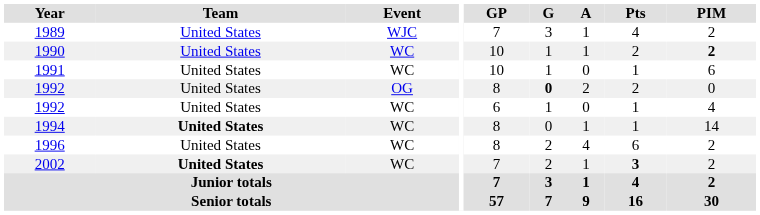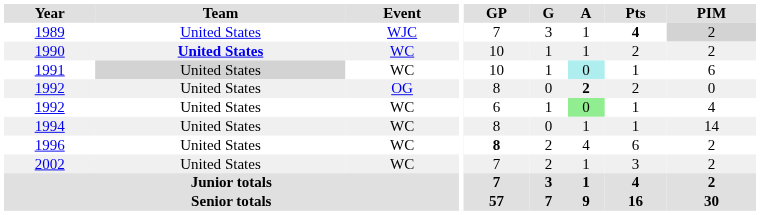 <table border="0" cellpadding="1" cellspacing="0" style="text-align:center; width:50em;">
 <tr bgcolor="#e0e0e0">
 <th>Year</th>
 <th>Team</th>
 <th>Event</th>
 <th rowspan="99" bgcolor="#ffffff"></th>
 <th>GP</th>
 <th>G</th>
 <th>A</th>
 <th>Pts</th>
 <th>PIM</th>
 </tr>
 <tr>
 <td><a href='#'>1989</a></td>
 <td><a href='#'>United States</a></td>
 <td><a href='#'>WJC</a></td>
 <td>7</td>
 <td>3</td>
 <td>1</td>
-<td>4</td>
-<td>2</td>
+<td><strong>4</strong></td>
+<td style="background: lightgrey;">2</td>
 </tr>
 <tr bgcolor="#f0f0f0">
 <td><a href='#'>1990</a></td>
-<td><a href='#'>United States</a></td>
+<td><strong><a href='#'>United States</a></strong></td>
 <td><a href='#'>WC</a></td>
 <td>10</td>
 <td>1</td>
 <td>1</td>
 <td>2</td>
-<td><strong>2</strong></td>
+<td>2</td>
 </tr>
 <tr>
 <td><a href='#'>1991</a></td>
-<td>United States</td>
+<td style="background: lightgrey;">United States</td>
 <td>WC</td>
 <td>10</td>
 <td>1</td>
-<td>0</td>
+<td style="background: paleturquoise;">0</td>
 <td>1</td>
 <td>6</td>
 </tr>
 <tr bgcolor="#f0f0f0">
 <td><a href='#'>1992</a></td>
 <td>United States</td>
 <td><a href='#'>OG</a></td>
 <td>8</td>
-<td><strong>0</strong></td>
-<td>2</td>
+<td>0</td>
+<td><strong>2</strong></td>
 <td>2</td>
 <td>0</td>
 </tr>
 <tr>
 <td><a href='#'>1992</a></td>
 <td>United States</td>
 <td>WC</td>
 <td>6</td>
 <td>1</td>
-<td>0</td>
+<td style="background: lightgreen;">0</td>
 <td>1</td>
 <td>4</td>
 </tr>
 <tr bgcolor="#f0f0f0">
 <td><a href='#'>1994</a></td>
-<td><strong>United States</strong></td>
+<td>United States</td>
 <td>WC</td>
 <td>8</td>
 <td>0</td>
 <td>1</td>
 <td>1</td>
 <td>14</td>
 </tr>
 <tr>
 <td><a href='#'>1996</a></td>
 <td>United States</td>
 <td>WC</td>
-<td>8</td>
+<td><strong>8</strong></td>
 <td>2</td>
 <td>4</td>
 <td>6</td>
 <td>2</td>
 </tr>
 <tr bgcolor="#f0f0f0">
 <td><a href='#'>2002</a></td>
-<td><strong>United States</strong></td>
+<td>United States</td>
 <td>WC</td>
 <td>7</td>
 <td>2</td>
 <td>1</td>
-<td><strong>3</strong></td>
+<td>3</td>
 <td>2</td>
 </tr>
 <tr bgcolor="#e0e0e0">
 <th colspan="3">Junior totals</th>
 <th>7</th>
 <th>3</th>
 <th>1</th>
 <th>4</th>
 <th>2</th>
 </tr>
 <tr bgcolor="#e0e0e0">
 <th colspan="3">Senior totals</th>
 <th>57</th>
 <th>7</th>
 <th>9</th>
 <th>16</th>
 <th>30</th>
 </tr>
 </table>
